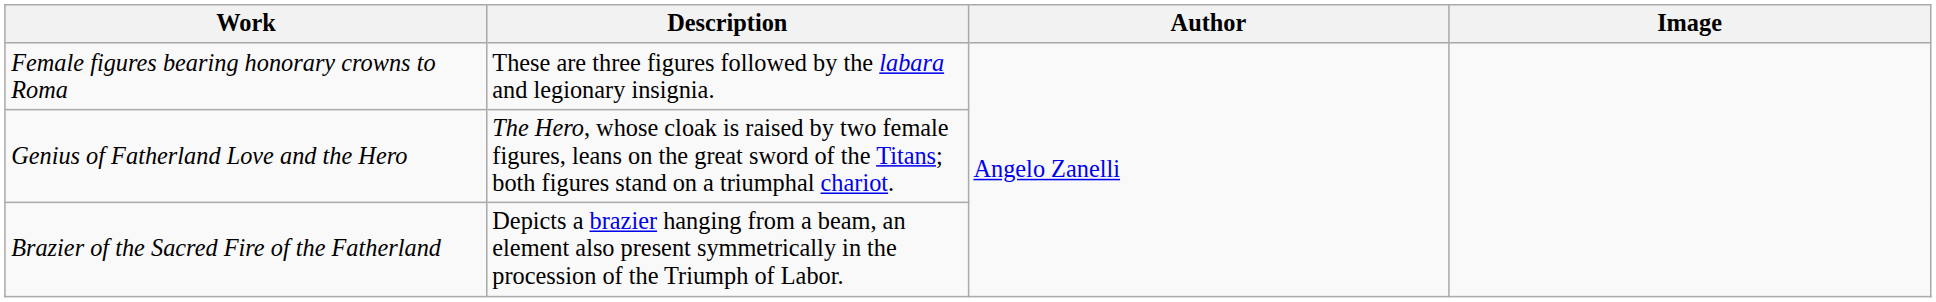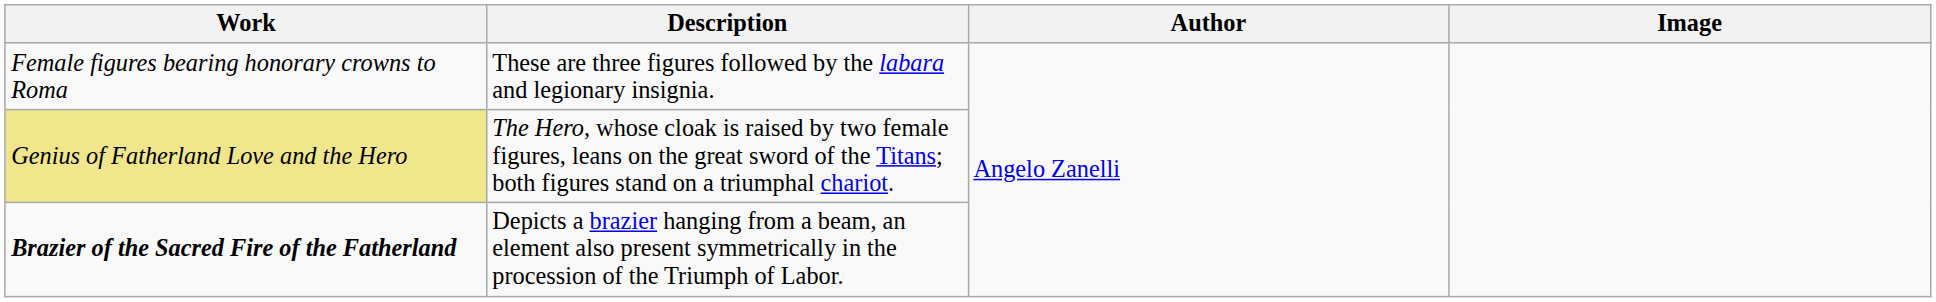 <table class="wikitable" style="text-align: center; width:80%; margin-left:auto; margin-right:auto;">
 <tr>
 <th width=130>Work</th>
 <th width=130>Description</th>
 <th width=130>Author</th>
 <th width=130>Image</th>
 </tr>
 <tr>
 <td align="left"><em>Female figures bearing honorary crowns to Roma</em></td>
 <td align="left">These are three figures followed by the <em><a href='#'>labara</a></em> and legionary insignia.</td>
 <td rowspan="3" align="left"><a href='#'>Angelo Zanelli</a></td>
 <td rowspan=3 align="center"></td>
 </tr>
 <tr>
-<td align="left"><em>Genius of Fatherland Love and the Hero</em></td>
+<td align="left" style="background: khaki;"><em>Genius of Fatherland Love and the Hero</em></td>
 <td align="left"><em>The Hero</em>, whose cloak is raised by two female figures, leans on the great sword of the <a href='#'>Titans</a>; both figures stand on a triumphal <a href='#'>chariot</a>.</td>
 </tr>
 <tr>
-<td align="left"><em>Brazier of the Sacred Fire of the Fatherland</em></td>
+<td align="left"><strong><em>Brazier of the Sacred Fire of the Fatherland</em></strong></td>
 <td align="left">Depicts a <a href='#'>brazier</a> hanging from a beam, an element also present symmetrically in the procession of the Triumph of Labor.</td>
 </tr>
 </table>
